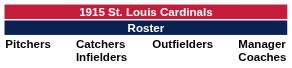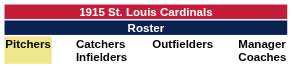 <table class="toccolours" style="font-size: 95%;">
 <tr>
 <th colspan="10" style="background-color: #c41c3a; color: white; text-align: center;">1915 St. Louis Cardinals</th>
 </tr>
 <tr>
 <td colspan="10" style="background-color: #0a2252; color: white; text-align: center;"><strong>Roster</strong></td>
 </tr>
 <tr>
-<td valign="top"><strong>Pitchers</strong><br>         </td>
+<td valign="top" style="background: khaki;"><strong>Pitchers</strong><br>         </td>
 <td width="25px"></td>
 <td valign="top"><strong>Catchers</strong><br>    <strong>Infielders</strong>        </td>
 <td width="25px"></td>
 <td valign="top"><strong>Outfielders</strong><br>     </td>
 <td width="25px"></td>
 <td valign="top"><strong>Manager</strong><br> <strong>Coaches</strong> </td>
 </tr>
 </table>
